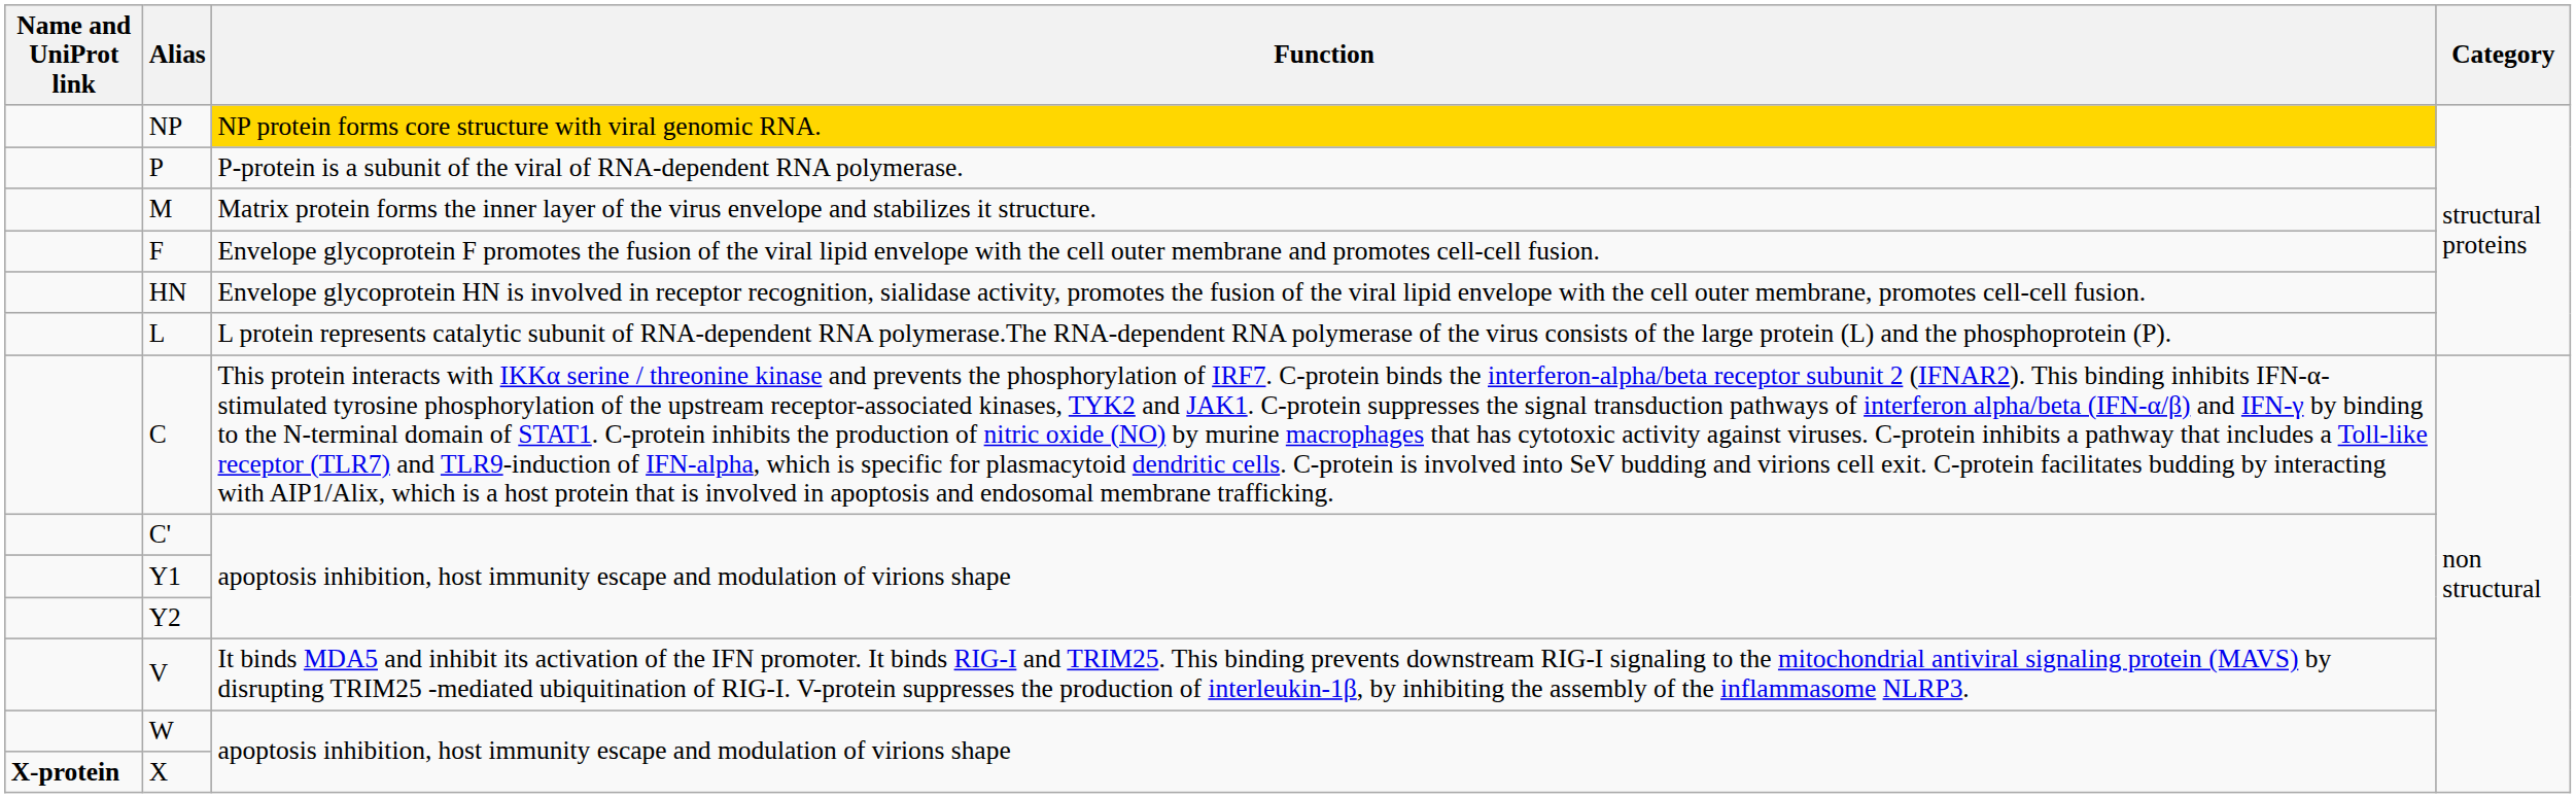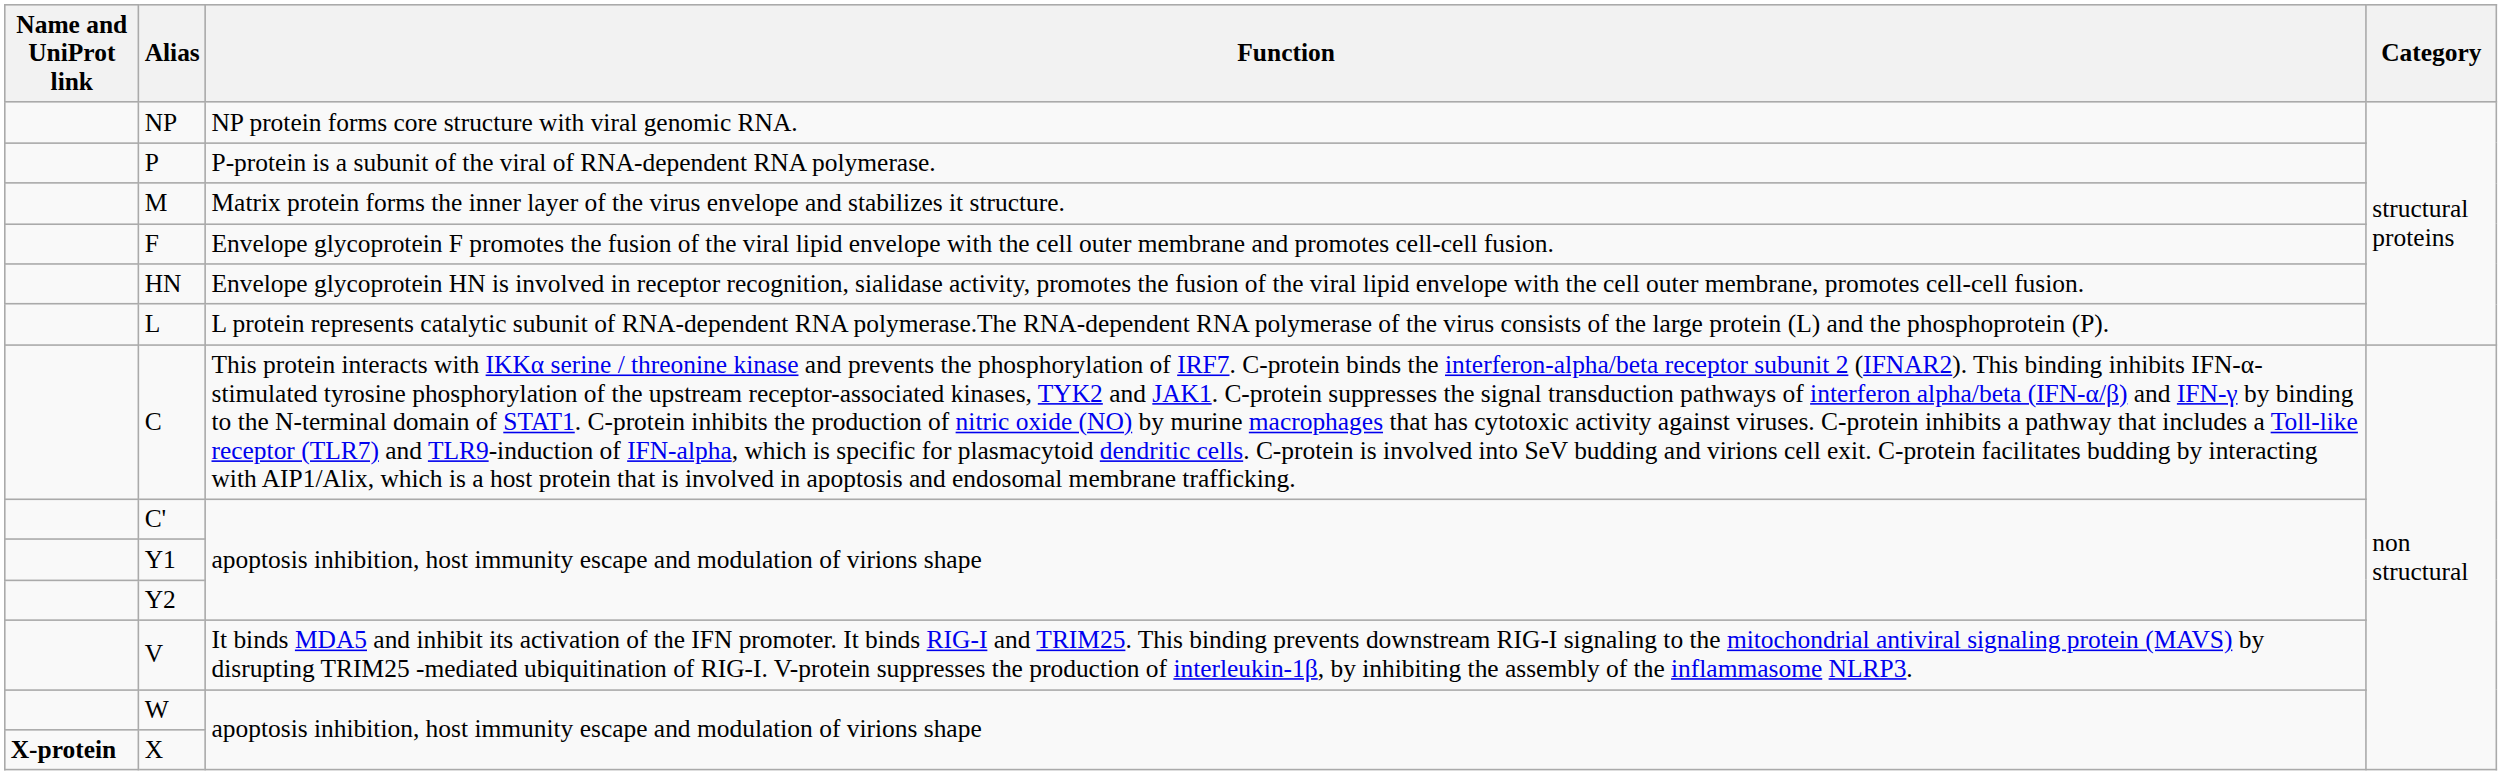 <table class="wikitable">
 <tr>
 <th>Name and UniProt link</th>
 <th>Alias</th>
 <th>Function</th>
 <th>Category</th>
 </tr>
 <tr>
 <td></td>
 <td>NP</td>
-<td style="background: gold;">NP protein forms core structure with viral genomic RNA.</td>
+<td>NP protein forms core structure with viral genomic RNA.</td>
 <td rowspan="6">structural proteins</td>
 </tr>
 <tr>
 <td></td>
 <td>P</td>
 <td>P-protein is a subunit of the viral of RNA-dependent RNA polymerase.</td>
 </tr>
 <tr>
 <td></td>
 <td>M</td>
 <td>Matrix protein forms the inner layer of the virus envelope and stabilizes it structure.</td>
 </tr>
 <tr>
 <td></td>
 <td>F</td>
 <td>Envelope glycoprotein F promotes the fusion of the viral lipid envelope with the cell outer membrane and promotes cell-cell fusion.</td>
 </tr>
 <tr>
 <td></td>
 <td>HN</td>
 <td>Envelope glycoprotein HN is involved in receptor recognition, sialidase activity, promotes the fusion of the viral lipid envelope with the cell outer membrane, promotes cell-cell fusion.</td>
 </tr>
 <tr>
 <td></td>
 <td>L</td>
 <td>L protein represents catalytic subunit of RNA-dependent RNA polymerase.The RNA-dependent RNA polymerase of the virus consists of the large protein (L) and the phosphoprotein (P).</td>
 </tr>
 <tr>
 <td></td>
 <td>C</td>
 <td>This protein interacts with <a href='#'>IKKα serine / threonine kinase</a> and prevents the phosphorylation of <a href='#'>IRF7</a>. C-protein binds the <a href='#'>interferon-alpha/beta receptor subunit 2</a> (<a href='#'>IFNAR2</a>). This binding inhibits IFN-α-stimulated tyrosine phosphorylation of the upstream receptor-associated kinases, <a href='#'>TYK2</a> and <a href='#'>JAK1</a>. C-protein suppresses the signal transduction pathways of <a href='#'>interferon alpha/beta (IFN-α/β)</a> and <a href='#'>IFN-γ</a> by binding to the N-terminal domain of <a href='#'>STAT1</a>. C-protein inhibits the production of <a href='#'>nitric oxide (NO)</a> by murine <a href='#'>macrophages</a> that has cytotoxic activity against viruses.  C-protein inhibits a pathway that includes a <a href='#'>Toll-like receptor (TLR7)</a> and <a href='#'>TLR9</a>-induction of <a href='#'>IFN-alpha</a>, which is specific for plasmacytoid <a href='#'>dendritic cells</a>. C-protein is involved into SeV budding and virions cell exit. C-protein facilitates budding by interacting with AIP1/Alix, which is a host protein that is involved in apoptosis and endosomal membrane trafficking.</td>
 <td rowspan="7">non structural</td>
 </tr>
 <tr>
 <td></td>
 <td>C'</td>
 <td rowspan="3">apoptosis inhibition, host immunity escape and modulation of virions shape</td>
 </tr>
 <tr>
 <td></td>
 <td>Y1</td>
 </tr>
 <tr>
 <td></td>
 <td>Y2</td>
 </tr>
 <tr>
 <td></td>
 <td>V</td>
 <td>It binds <a href='#'>MDA5</a> and inhibit its activation of the IFN promoter.  It binds <a href='#'>RIG-I</a> and <a href='#'>TRIM25</a>. This binding prevents downstream RIG-I signaling to the <a href='#'>mitochondrial antiviral signaling protein (MAVS)</a> by disrupting TRIM25 -mediated ubiquitination of RIG-I. V-protein suppresses the production of <a href='#'>interleukin-1β</a>, by inhibiting the assembly of the <a href='#'>inflammasome</a> <a href='#'>NLRP3</a>.</td>
 </tr>
 <tr>
 <td></td>
 <td>W</td>
 <td rowspan="2">apoptosis inhibition, host immunity escape and modulation of virions shape</td>
 </tr>
 <tr>
 <td><strong>X-protein</strong></td>
 <td>X</td>
 </tr>
 </table>
